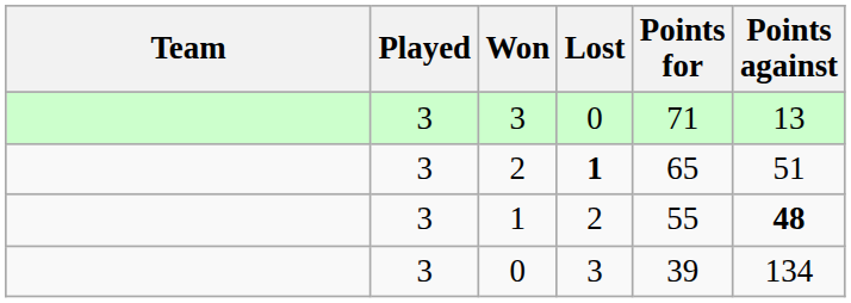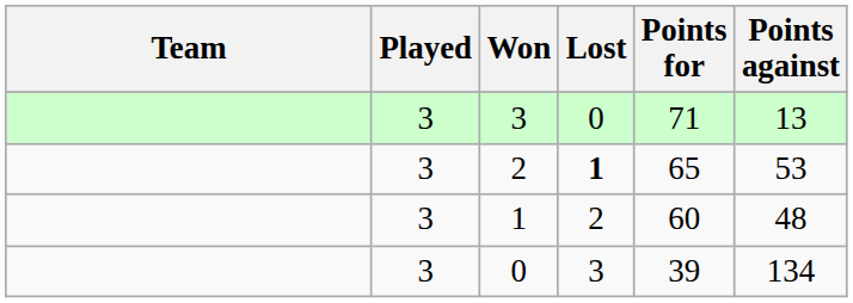 <table class="wikitable" style="text-align:center;">
 <tr>
 <th width=175>Team</th>
 <th width=20>Played</th>
 <th width=20>Won</th>
 <th width=20>Lost</th>
 <th width=20>Points for</th>
 <th width=20>Points against</th>
 </tr>
 <tr bgcolor=#ccffcc>
 <td style="text-align:left;"></td>
 <td>3</td>
 <td>3</td>
 <td>0</td>
 <td>71</td>
 <td>13</td>
 </tr>
 <tr>
 <td style="text-align:left;"></td>
 <td>3</td>
 <td>2</td>
 <td><strong>1</strong></td>
 <td>65</td>
-<td>51</td>
+<td>53</td>
 </tr>
 <tr>
 <td style="text-align:left;"></td>
 <td>3</td>
 <td>1</td>
 <td>2</td>
-<td>55</td>
-<td><strong>48</strong></td>
+<td>60</td>
+<td>48</td>
 </tr>
 <tr>
 <td style="text-align:left;"></td>
 <td>3</td>
 <td>0</td>
 <td>3</td>
 <td>39</td>
 <td>134</td>
 </tr>
 </table>
